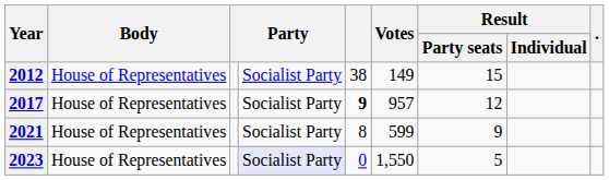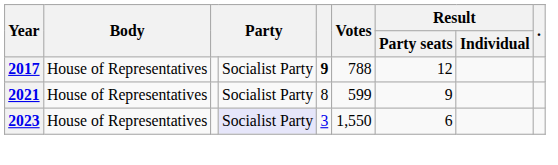 <table class="wikitable plainrowheaders sortable" border=2 cellpadding=4 cellspacing=0 style="border: 1px #aaa solid; font-size: 90%; text-align:center;">
 <tr>
 <th scope="col" rowspan=2>Year</th>
 <th scope="col" rowspan=2>Body</th>
 <th scope="col" colspan=2 rowspan=2>Party</th>
 <th scope="col" rowspan=2></th>
 <th scope="col" rowspan=2>Votes</th>
 <th scope="colgroup" colspan=2>Result</th>
 <th scope="col" rowspan=2 class="unsortable">.</th>
 </tr>
 <tr>
 <th scope="col">Party seats</th>
 <th scope="col">Individual</th>
 </tr>
 <tr>
-<th scope="row"><a href='#'>2012</a></th>
-<td><a href='#'>House of Representatives</a></td>
-<td style="background-color:"></td>
-<td><a href='#'>Socialist Party</a></td>
-<td style=text-align:right>38</td>
-<td style=text-align:right>149</td>
-<td style=text-align:right>15</td>
-<td></td>
-<td></td>
-</tr>
-<tr>
 <th scope="row"><a href='#'>2017</a></th>
 <td>House of Representatives</td>
 <td style="background-color:"></td>
 <td>Socialist Party</td>
 <td style=text-align:right><strong>9</strong></td>
-<td style=text-align:right>957</td>
+<td style=text-align:right>788</td>
 <td style=text-align:right>12</td>
 <td></td>
 <td></td>
 </tr>
 <tr>
 <th scope="row"><a href='#'>2021</a></th>
 <td>House of Representatives</td>
 <td style="background-color:"></td>
 <td>Socialist Party</td>
 <td style=text-align:right>8</td>
 <td style=text-align:right>599</td>
 <td style=text-align:right>9</td>
 <td></td>
 <td></td>
 </tr>
 <tr>
 <th scope="row"><a href='#'>2023</a></th>
 <td>House of Representatives</td>
 <td style="background-color:"></td>
 <td style="background: lavender;">Socialist Party</td>
-<td style=text-align:right><a href='#'>0</a></td>
+<td style=text-align:right><a href='#'>3</a></td>
 <td style=text-align:right>1,550</td>
-<td style=text-align:right>5</td>
+<td style=text-align:right>6</td>
 <td></td>
 <td></td>
 </tr>
 </table>
